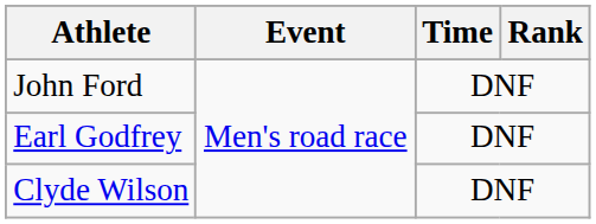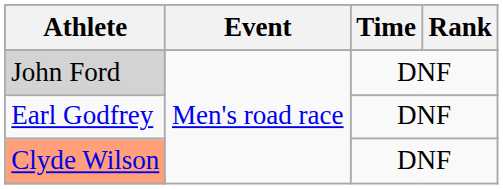 <table class=wikitable style="font-size:90%">
 <tr>
 <th>Athlete</th>
 <th>Event</th>
 <th>Time</th>
 <th>Rank</th>
 </tr>
 <tr align=center>
-<td align=left>John Ford</td>
+<td align=left style="background: lightgrey;">John Ford</td>
 <td align=left rowspan=3><a href='#'>Men's road race</a></td>
 <td colspan=2>DNF</td>
 </tr>
 <tr align=center>
 <td align=left><a href='#'>Earl Godfrey</a></td>
 <td colspan=2>DNF</td>
 </tr>
 <tr align=center>
-<td align=left><a href='#'>Clyde Wilson</a></td>
+<td align=left style="background: lightsalmon;"><a href='#'>Clyde Wilson</a></td>
 <td colspan=2>DNF</td>
 </tr>
 </table>
